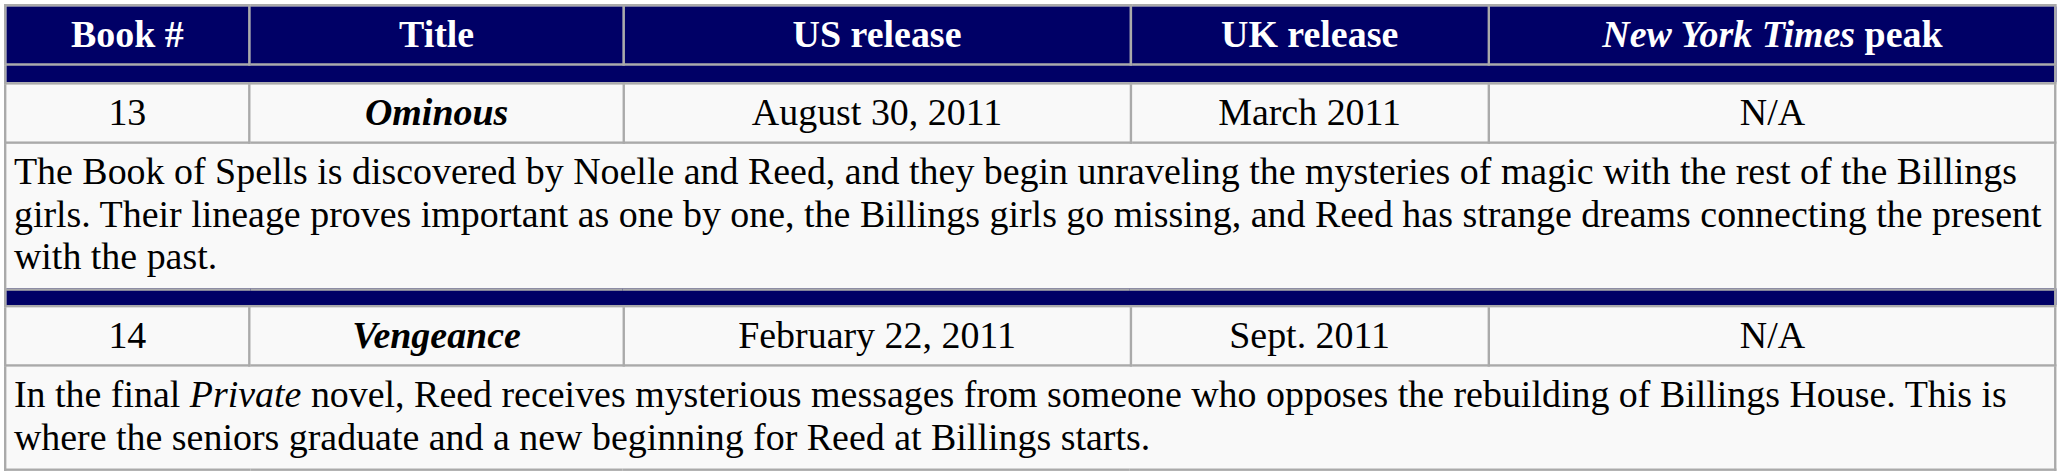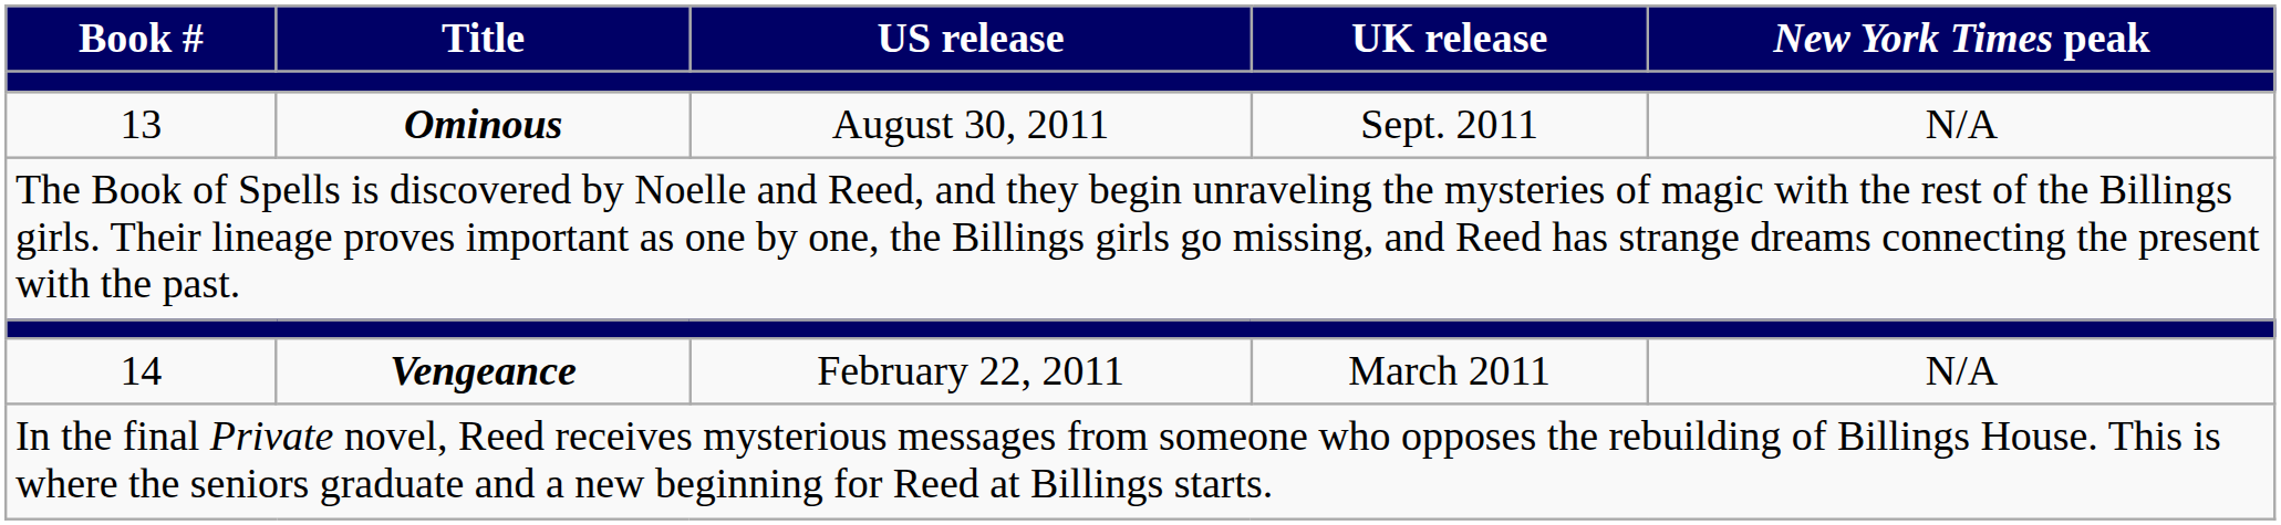 <table class="wikitable" style="width:98%; background-color:#FFFFF">
 <tr style="color:white">
 <th style="background-color: #000066;">Book #</th>
 <th style="background-color: #000066;">Title</th>
 <th style="background-color: #000066;">US release</th>
 <th style="background-color: #000066;">UK release</th>
 <th style="background-color: #000066;"><em>New York Times</em> peak</th>
 </tr>
 <tr>
 <td colspan="6" bgcolor="#000066"></td>
 </tr>
 <tr>
 <td align="center">13</td>
 <td align="center"><strong><em>Ominous</em></strong></td>
 <td align="center">August 30, 2011</td>
-<td align="center">March 2011</td>
+<td align="center">Sept. 2011</td>
 <td align="center">N/A</td>
 </tr>
 <tr>
 <td colspan="6">The Book of Spells is discovered by Noelle and Reed, and they begin unraveling the mysteries of magic with the rest of the Billings girls.  Their lineage proves important as one by one, the Billings girls go missing, and Reed has strange dreams connecting the present with the past.</td>
 </tr>
 <tr>
 <td colspan="6" bgcolor="#000066"></td>
 </tr>
 <tr>
 <td align="center">14</td>
 <td align="center"><strong><em>Vengeance</em></strong></td>
 <td align="center">February 22, 2011</td>
-<td align="center">Sept. 2011</td>
+<td align="center">March 2011</td>
 <td align="center">N/A</td>
 </tr>
 <tr>
 <td colspan="6">In the final <em>Private</em> novel, Reed receives mysterious messages from someone who opposes the rebuilding of Billings House. This is where the seniors graduate and a new beginning for Reed at Billings starts.</td>
 </tr>
 </table>
